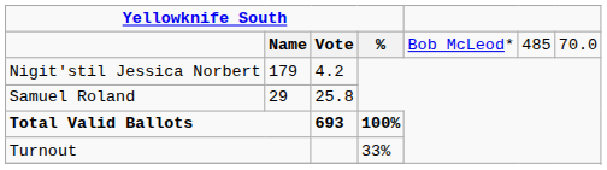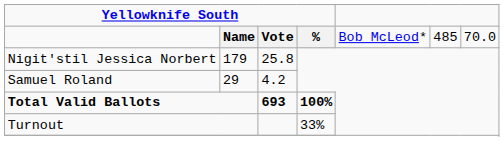 <table class="wikitable">
 <tr>
 <td colspan=4 align=center><strong><a href='#'>Yellowknife South</a></strong></td>
 </tr>
 <tr>
 <td></td>
 <th><strong>Name </strong></th>
 <th><strong>Vote</strong></th>
 <th><strong>%</strong><br></th>
 <td><a href='#'>Bob McLeod</a>*</td>
 <td>485</td>
 <td>70.0</td>
 </tr>
 <tr>
 <td>Nigit'stil Jessica Norbert</td>
 <td>179</td>
-<td>4.2</td>
+<td>25.8</td>
 </tr>
 <tr>
 <td>Samuel Roland</td>
 <td>29</td>
-<td>25.8</td>
+<td>4.2</td>
 </tr>
 <tr>
 <td colspan=2><strong>Total Valid Ballots</strong></td>
 <td><strong>693</strong></td>
 <td><strong>100%</strong></td>
 </tr>
 <tr>
 <td colspan=2>Turnout</td>
 <td></td>
 <td>33%</td>
 </tr>
 <tr>
 </tr>
 </table>
